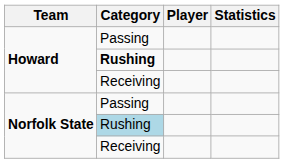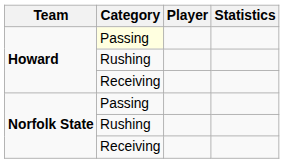 <table class="wikitable" style="float: right;">
 <tr>
 <th>Team</th>
 <th>Category</th>
 <th>Player</th>
 <th>Statistics</th>
 </tr>
 <tr>
 <td rowspan=3><strong>Howard</strong></td>
-<td>Passing</td>
+<td style="background: lightyellow;">Passing</td>
 <td></td>
 <td></td>
 </tr>
 <tr>
-<td><strong>Rushing</strong></td>
+<td>Rushing</td>
 <td></td>
 <td></td>
 </tr>
 <tr>
 <td>Receiving</td>
 <td></td>
 <td></td>
 </tr>
 <tr>
 <td rowspan=3><strong>Norfolk State</strong></td>
 <td>Passing</td>
 <td></td>
 <td></td>
 </tr>
 <tr>
-<td style="background: lightblue;">Rushing</td>
+<td>Rushing</td>
 <td></td>
 <td></td>
 </tr>
 <tr>
 <td>Receiving</td>
 <td></td>
 <td></td>
 </tr>
 </table>
